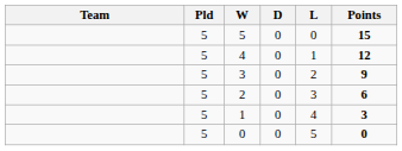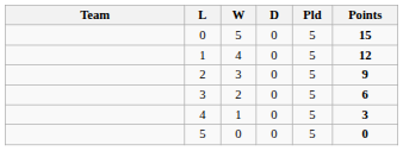 <table class=wikitable style="text-align:center" width=500>
 <tr>
 <th width=25%>Team</th>
-<th width=5%>Pld</th>
+<th width=5%>L</th>
 <th width=5%>W</th>
 <th width=5%>D</th>
-<th width=5%>L</th>
+<th width=5%>Pld</th>
 <th width=8%>Points</th>
 </tr>
 <tr>
 <td align="left"></td>
-<td>5</td>
+<td>0</td>
 <td>5</td>
 <td>0</td>
-<td>0</td>
+<td>5</td>
 <td><strong>15</strong></td>
 </tr>
 <tr>
 <td align="left"></td>
-<td>5</td>
+<td>1</td>
 <td>4</td>
 <td>0</td>
-<td>1</td>
+<td>5</td>
 <td><strong>12</strong></td>
 </tr>
 <tr>
 <td align="left"></td>
-<td>5</td>
+<td>2</td>
 <td>3</td>
 <td>0</td>
-<td>2</td>
+<td>5</td>
 <td><strong>9</strong></td>
 </tr>
 <tr>
 <td align="left"></td>
-<td>5</td>
+<td>3</td>
 <td>2</td>
 <td>0</td>
-<td>3</td>
+<td>5</td>
 <td><strong>6</strong></td>
 </tr>
 <tr>
 <td align="left"></td>
-<td>5</td>
+<td>4</td>
 <td>1</td>
 <td>0</td>
-<td>4</td>
+<td>5</td>
 <td><strong>3</strong></td>
 </tr>
 <tr>
 <td align="left"></td>
 <td>5</td>
 <td>0</td>
 <td>0</td>
 <td>5</td>
 <td><strong>0</strong></td>
 </tr>
 </table>
